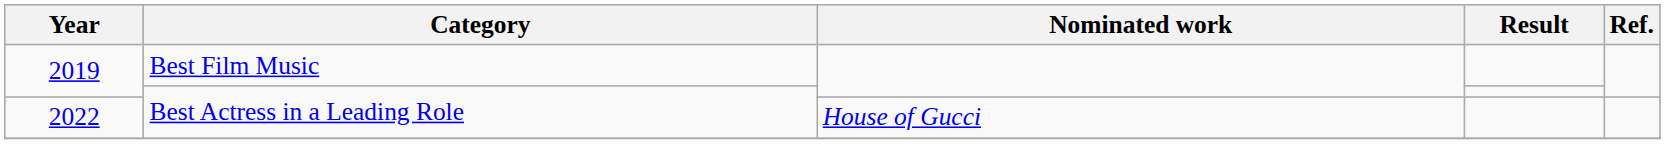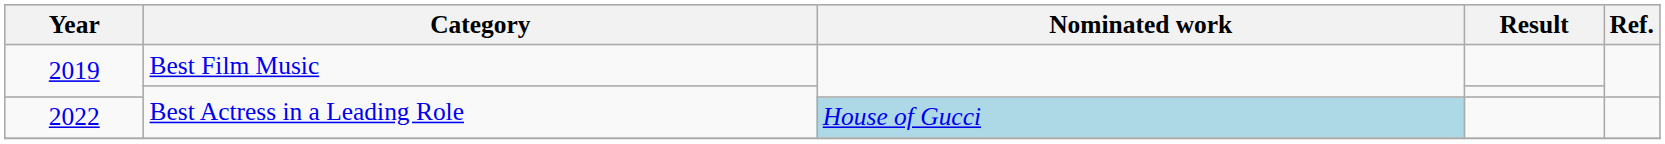 <table class=wikitable>
 <tr>
 <th scope="col" style="width:5em;">Year</th>
 <th scope="col" style="width:26em;">Category</th>
 <th scope="col" style="width:25em;">Nominated work</th>
 <th scope="col" style="width:5em;">Result</th>
 <th>Ref.</th>
 </tr>
 <tr>
 <td align="center" rowspan="2"><a href='#'>2019</a></td>
 <td><a href='#'>Best Film Music</a></td>
 <td rowspan="2"><em></em></td>
 <td></td>
 <td rowspan="2" style="text-align:center;"></td>
 </tr>
 <tr>
 <td rowspan="2"><a href='#'>Best Actress in a Leading Role</a></td>
 <td></td>
 </tr>
 <tr>
 <td align="center"><a href='#'>2022</a></td>
-<td><em><a href='#'>House of Gucci</a></em></td>
+<td style="background: lightblue;"><em><a href='#'>House of Gucci</a></em></td>
 <td></td>
 <td style="text-align:center;"></td>
 </tr>
 <tr>
 </tr>
 </table>
